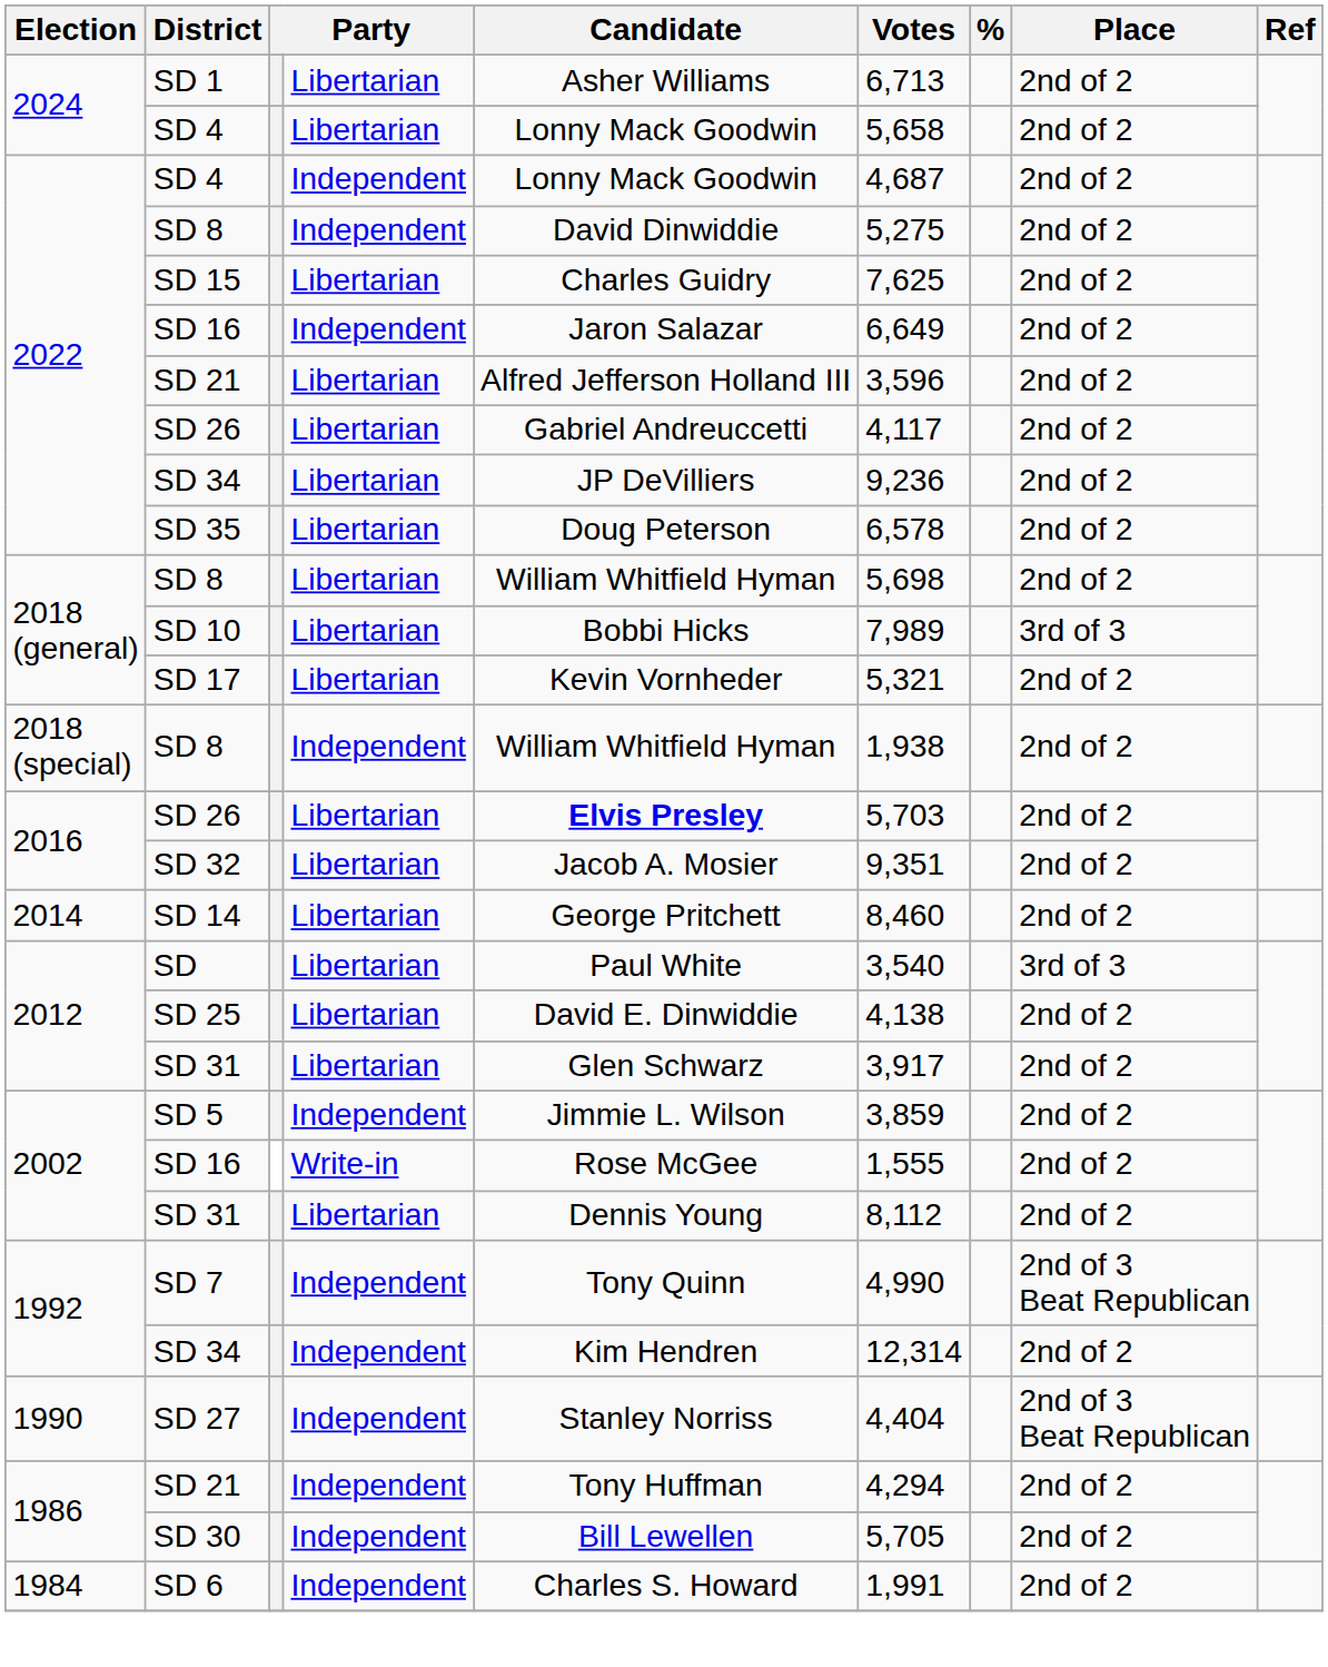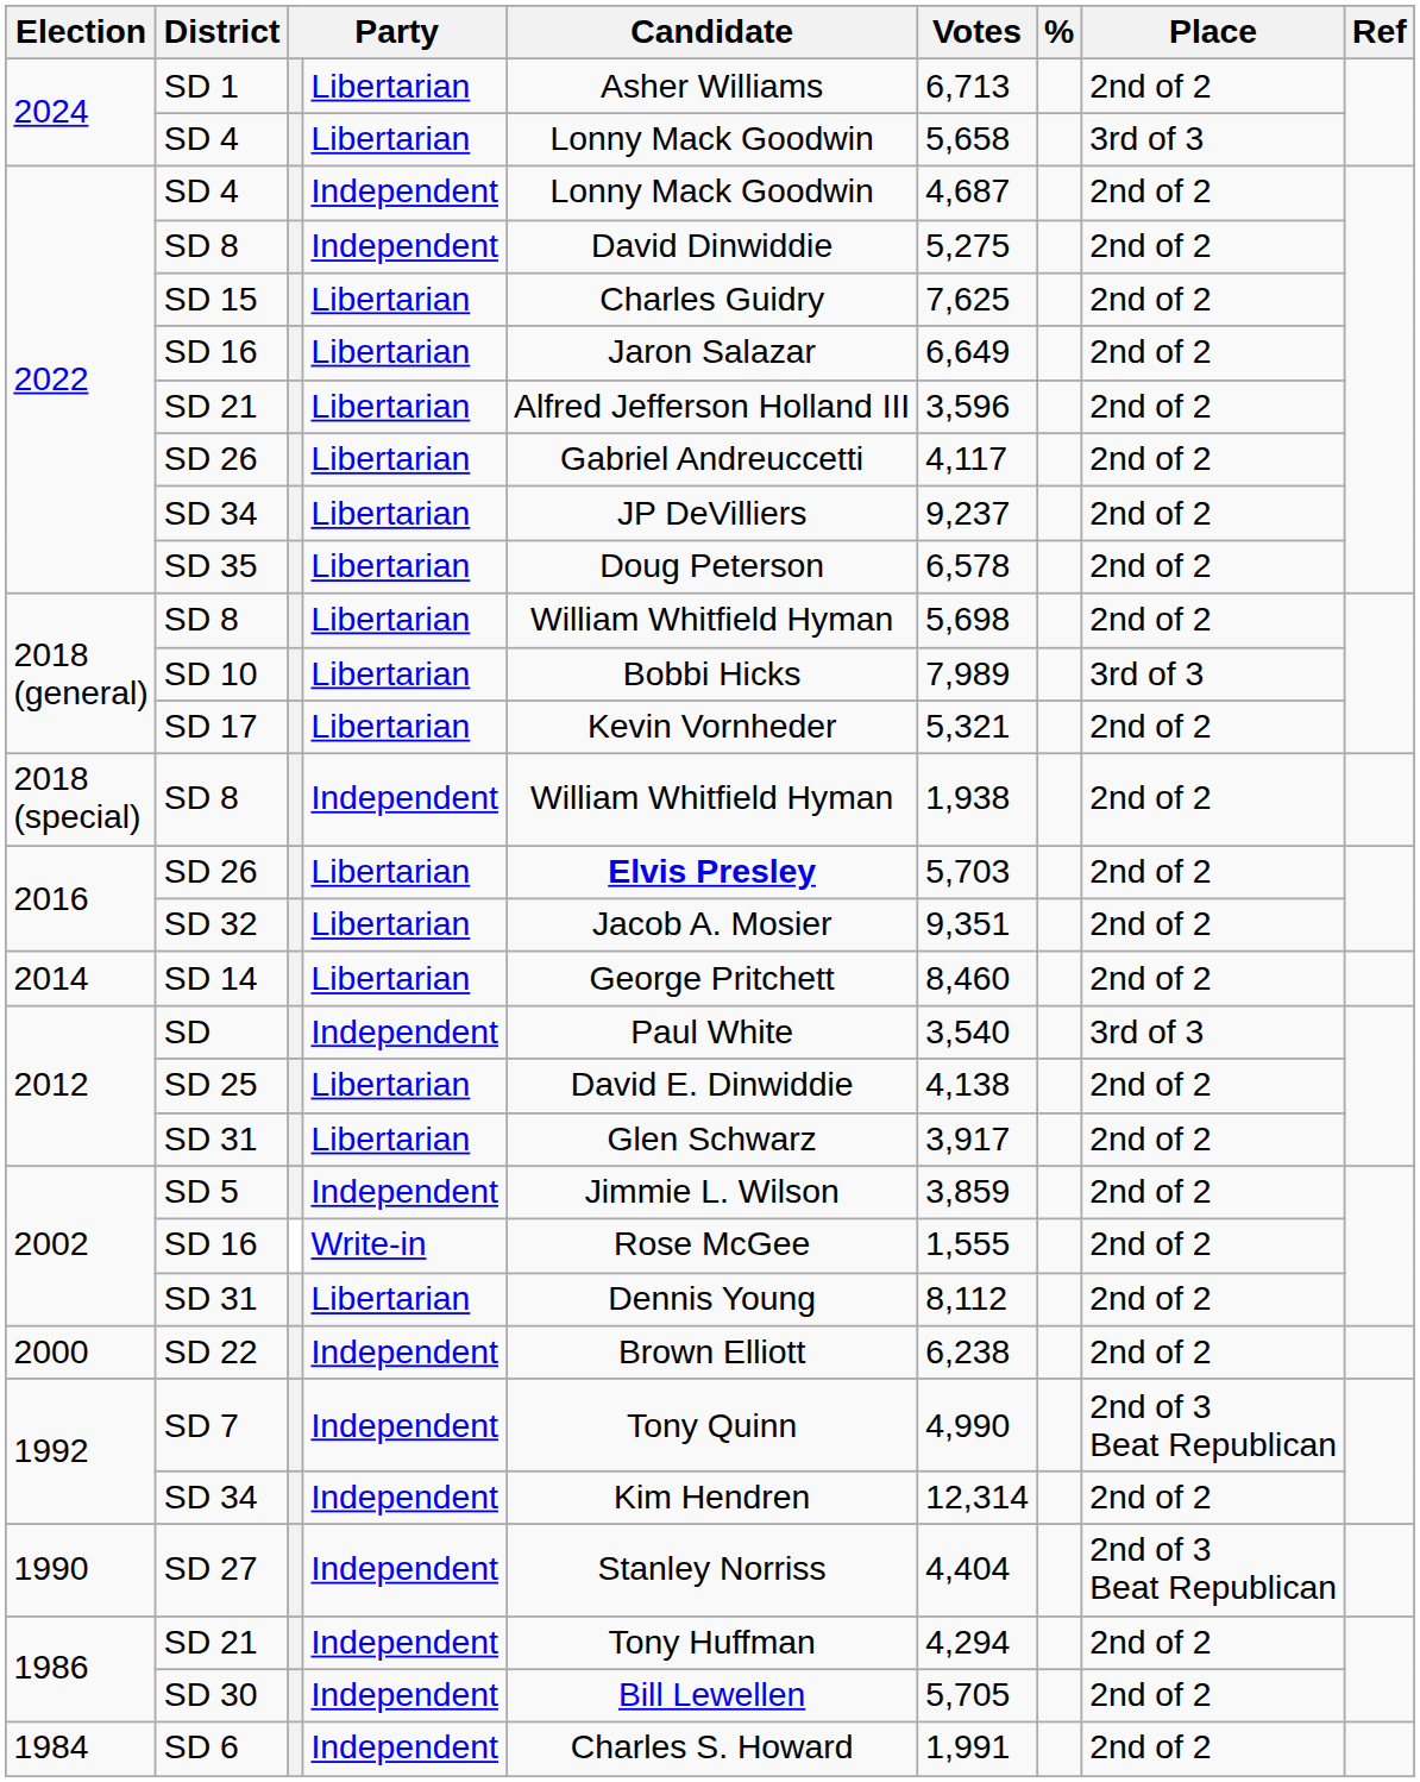 <table class="wikitable sortable">
 <tr>
 <th>Election</th>
 <th>District</th>
 <th colspan=2>Party</th>
 <th>Candidate</th>
 <th>Votes</th>
 <th>%</th>
 <th>Place</th>
 <th>Ref</th>
 </tr>
 <tr>
 <td rowspan=2><a href='#'>2024</a></td>
 <td>SD 1</td>
 <th style="background-color:"></th>
 <td><a href='#'>Libertarian</a></td>
 <td align="center">Asher Williams</td>
 <td>6,713</td>
 <td></td>
 <td>2nd of 2</td>
 <td rowspan=2></td>
 </tr>
 <tr>
 <td>SD 4</td>
 <th style="background-color:"></th>
 <td><a href='#'>Libertarian</a></td>
 <td align="center">Lonny Mack Goodwin</td>
 <td>5,658</td>
 <td></td>
-<td>2nd of 2</td>
+<td>3rd of 3</td>
 </tr>
 <tr>
 <td rowspan=8><a href='#'>2022</a></td>
 <td>SD 4</td>
 <th style="background-color:"></th>
 <td><a href='#'>Independent</a></td>
 <td align="center">Lonny Mack Goodwin</td>
 <td>4,687</td>
 <td></td>
 <td>2nd of 2</td>
 <td rowspan=8></td>
 </tr>
 <tr>
 <td>SD 8</td>
 <th style="background-color:"></th>
 <td><a href='#'>Independent</a></td>
 <td align="center">David Dinwiddie</td>
 <td>5,275</td>
 <td></td>
 <td>2nd of 2</td>
 </tr>
 <tr>
 <td>SD 15</td>
 <th style="background-color:"></th>
 <td><a href='#'>Libertarian</a></td>
 <td align="center">Charles Guidry</td>
 <td>7,625</td>
 <td></td>
 <td>2nd of 2</td>
 </tr>
 <tr>
 <td>SD 16</td>
 <th style="background-color:"></th>
-<td><a href='#'>Independent</a></td>
+<td><a href='#'>Libertarian</a></td>
 <td align="center">Jaron Salazar</td>
 <td>6,649</td>
 <td></td>
 <td>2nd of 2</td>
 </tr>
 <tr>
 <td>SD 21</td>
 <th style="background-color:"></th>
 <td><a href='#'>Libertarian</a></td>
 <td align="center">Alfred Jefferson Holland III</td>
 <td>3,596</td>
 <td></td>
 <td>2nd of 2</td>
 </tr>
 <tr>
 <td>SD 26</td>
 <th style="background-color:"></th>
 <td><a href='#'>Libertarian</a></td>
 <td align="center">Gabriel Andreuccetti</td>
 <td>4,117</td>
 <td></td>
 <td>2nd of 2</td>
 </tr>
 <tr>
 <td>SD 34</td>
 <th style="background-color:"></th>
 <td><a href='#'>Libertarian</a></td>
 <td align="center">JP DeVilliers</td>
-<td>9,236</td>
+<td>9,237</td>
 <td></td>
 <td>2nd of 2</td>
 </tr>
 <tr>
 <td>SD 35</td>
 <th style="background-color:"></th>
 <td><a href='#'>Libertarian</a></td>
 <td align="center">Doug Peterson</td>
 <td>6,578</td>
 <td></td>
 <td>2nd of 2</td>
 </tr>
 <tr>
 <td rowspan=3>2018<br>(general)</td>
 <td>SD 8</td>
 <th style="background-color:"></th>
 <td><a href='#'>Libertarian</a></td>
 <td align="center">William Whitfield Hyman</td>
 <td>5,698</td>
 <td></td>
 <td>2nd of 2</td>
 <td rowspan=3></td>
 </tr>
 <tr>
 <td>SD 10</td>
 <th style="background-color:"></th>
 <td><a href='#'>Libertarian</a></td>
 <td align="center">Bobbi Hicks</td>
 <td>7,989</td>
 <td></td>
 <td>3rd of 3</td>
 </tr>
 <tr>
 <td>SD 17</td>
 <th style="background-color:"></th>
 <td><a href='#'>Libertarian</a></td>
 <td align="center">Kevin Vornheder</td>
 <td>5,321</td>
 <td></td>
 <td>2nd of 2</td>
 </tr>
 <tr>
 <td>2018<br>(special)</td>
 <td>SD 8</td>
 <th style="background-color:"></th>
 <td><a href='#'>Independent</a></td>
 <td align="center">William Whitfield Hyman</td>
 <td>1,938</td>
 <td></td>
 <td>2nd of 2</td>
 <td></td>
 </tr>
 <tr>
 <td rowspan=2>2016</td>
 <td>SD 26</td>
 <th style="background-color:"></th>
 <td><a href='#'>Libertarian</a></td>
 <td align="center"><strong><a href='#'>Elvis Presley</a></strong></td>
 <td>5,703</td>
 <td></td>
 <td>2nd of 2</td>
 <td rowspan=2></td>
 </tr>
 <tr>
 <td>SD 32</td>
 <th style="background-color:"></th>
 <td><a href='#'>Libertarian</a></td>
 <td align="center">Jacob A. Mosier</td>
 <td>9,351</td>
 <td></td>
 <td>2nd of 2</td>
 </tr>
 <tr>
 <td>2014</td>
 <td>SD 14</td>
 <th style="background-color:"></th>
 <td><a href='#'>Libertarian</a></td>
 <td align="center">George Pritchett</td>
 <td>8,460</td>
 <td></td>
 <td>2nd of 2</td>
 <td></td>
 </tr>
 <tr>
 <td rowspan=3>2012</td>
 <td>SD</td>
 <th style="background-color:"></th>
-<td><a href='#'>Libertarian</a></td>
+<td><a href='#'>Independent</a></td>
 <td align="center">Paul White</td>
 <td>3,540</td>
 <td></td>
 <td>3rd of 3</td>
 <td rowspan=3></td>
 </tr>
 <tr>
 <td>SD 25</td>
 <th style="background-color:"></th>
 <td><a href='#'>Libertarian</a></td>
 <td align="center">David E. Dinwiddie</td>
 <td>4,138</td>
 <td></td>
 <td>2nd of 2</td>
 </tr>
 <tr>
 <td>SD 31</td>
 <th style="background-color:"></th>
 <td><a href='#'>Libertarian</a></td>
 <td align="center">Glen Schwarz</td>
 <td>3,917</td>
 <td></td>
 <td>2nd of 2</td>
 </tr>
 <tr>
 <td rowspan=3>2002</td>
 <td>SD 5</td>
 <th style="background-color:"></th>
 <td><a href='#'>Independent</a></td>
 <td align="center">Jimmie L. Wilson</td>
 <td>3,859</td>
 <td></td>
 <td>2nd of 2</td>
 <td rowspan=3></td>
 </tr>
 <tr>
 <td>SD 16</td>
 <th style="background-color:#ffffff"></th>
 <td><a href='#'>Write-in</a></td>
 <td align="center">Rose McGee</td>
 <td>1,555</td>
 <td></td>
 <td>2nd of 2</td>
 </tr>
 <tr>
 <td>SD 31</td>
 <th style="background-color:"></th>
 <td><a href='#'>Libertarian</a></td>
 <td align="center">Dennis Young</td>
 <td>8,112</td>
 <td></td>
 <td>2nd of 2</td>
+</tr>
+<tr>
+<td>2000</td>
+<td>SD 22</td>
+<th style="background-color:"></th>
+<td><a href='#'>Independent</a></td>
+<td align="center">Brown Elliott</td>
+<td>6,238</td>
+<td></td>
+<td>2nd of 2</td>
+<td></td>
 </tr>
 <tr>
 <td rowspan=2>1992</td>
 <td>SD 7</td>
 <th style="background-color:"></th>
 <td><a href='#'>Independent</a></td>
 <td align="center">Tony Quinn</td>
 <td>4,990</td>
 <td></td>
 <td>2nd of 3<br>Beat Republican</td>
 <td rowspan=2></td>
 </tr>
 <tr>
 <td>SD 34</td>
 <th style="background-color:"></th>
 <td><a href='#'>Independent</a></td>
 <td align="center">Kim Hendren</td>
 <td>12,314</td>
 <td></td>
 <td>2nd of 2</td>
 </tr>
 <tr>
 <td>1990</td>
 <td>SD 27</td>
 <th style="background-color:"></th>
 <td><a href='#'>Independent</a></td>
 <td align="center">Stanley Norriss</td>
 <td>4,404</td>
 <td></td>
 <td>2nd of 3<br>Beat Republican</td>
 <td></td>
 </tr>
 <tr>
 <td rowspan=2>1986</td>
 <td>SD 21</td>
 <th style="background-color:"></th>
 <td><a href='#'>Independent</a></td>
 <td align="center">Tony Huffman</td>
 <td>4,294</td>
 <td></td>
 <td>2nd of 2</td>
 <td rowspan=2></td>
 </tr>
 <tr>
 <td>SD 30</td>
 <th style="background-color:"></th>
 <td><a href='#'>Independent</a></td>
 <td align="center"><a href='#'>Bill Lewellen</a></td>
 <td>5,705</td>
 <td></td>
 <td>2nd of 2</td>
 </tr>
 <tr>
 <td>1984</td>
 <td>SD 6</td>
 <th style="background-color:"></th>
 <td><a href='#'>Independent</a></td>
 <td align="center">Charles S. Howard</td>
 <td>1,991</td>
 <td></td>
 <td>2nd of 2</td>
 <td></td>
 </tr>
 <tr>
 </tr>
 </table>
